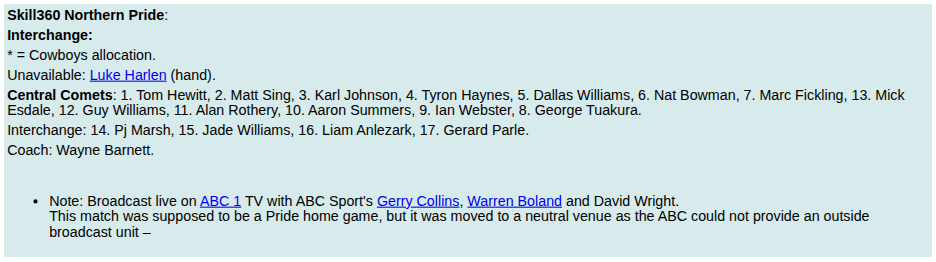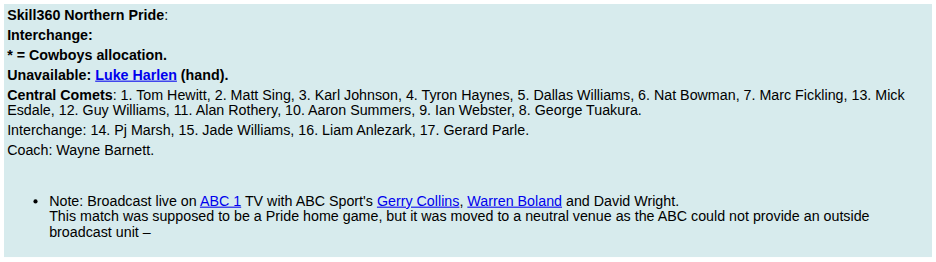 <table style="background:#d7ebed; font-size:85%; width:100%;">
 <tr>
 <td><strong>Skill360 Northern Pride</strong>:             </td>
 </tr>
 <tr>
 <td><strong>Interchange:    </strong></td>
 </tr>
 <tr>
-<td>* = Cowboys allocation.</td>
+<td><strong>* = Cowboys allocation.</strong></td>
 </tr>
 <tr>
-<td>Unavailable: <a href='#'>Luke Harlen</a> (hand).</td>
+<td><strong>Unavailable: <a href='#'>Luke Harlen</a> (hand).</strong></td>
 </tr>
 <tr>
 <td><strong>Central Comets</strong>: 1. Tom Hewitt, 2. Matt Sing, 3. Karl Johnson, 4. Tyron Haynes, 5. Dallas Williams, 6. Nat Bowman, 7. Marc Fickling, 13. Mick Esdale, 12. Guy Williams, 11. Alan Rothery, 10. Aaron Summers, 9. Ian Webster, 8. George Tuakura.</td>
 </tr>
 <tr>
 <td>Interchange: 14. Pj Marsh, 15. Jade Williams, 16. Liam Anlezark, 17. Gerard Parle.</td>
 </tr>
 <tr>
 <td>Coach: Wayne Barnett.</td>
 </tr>
 <tr>
 <td><br><ul><li>Note: Broadcast live on <a href='#'>ABC 1</a> TV with ABC Sport's <a href='#'>Gerry Collins</a>, <a href='#'>Warren Boland</a> and David Wright.<br>This match was supposed to be a Pride home game, but it was moved to a neutral venue as the ABC could not provide an outside broadcast unit – </li></ul></td>
 </tr>
 </table>
